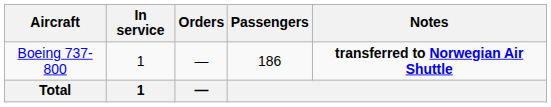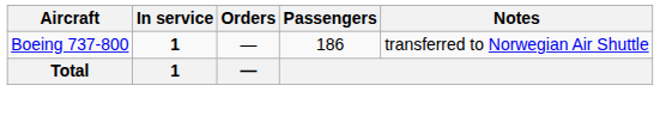 <table class="wikitable" style="margin:1em auto; border-collapse:collapse;text-align:center">
 <tr>
 <th>Aircraft</th>
 <th>In service</th>
 <th>Orders</th>
 <th>Passengers</th>
 <th>Notes</th>
 </tr>
 <tr>
 <td><a href='#'>Boeing 737-800</a></td>
-<td>1</td>
+<td><strong>1</strong></td>
 <td>—</td>
 <td>186</td>
-<td><strong>transferred to <a href='#'>Norwegian Air Shuttle</a></strong></td>
+<td>transferred to <a href='#'>Norwegian Air Shuttle</a></td>
 </tr>
 <tr>
 <th>Total</th>
 <th>1</th>
 <th>—</th>
 <th colspan="4"></th>
 </tr>
 </table>
